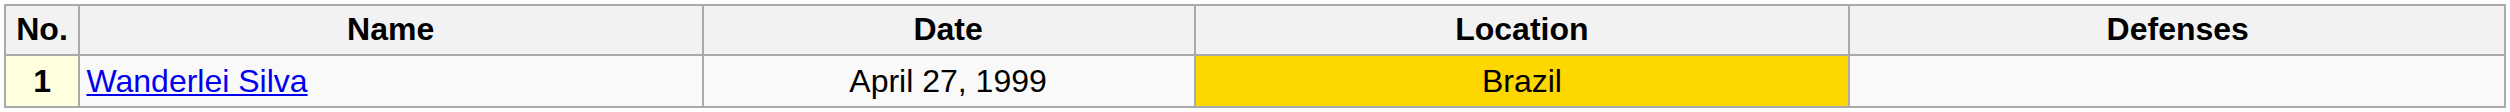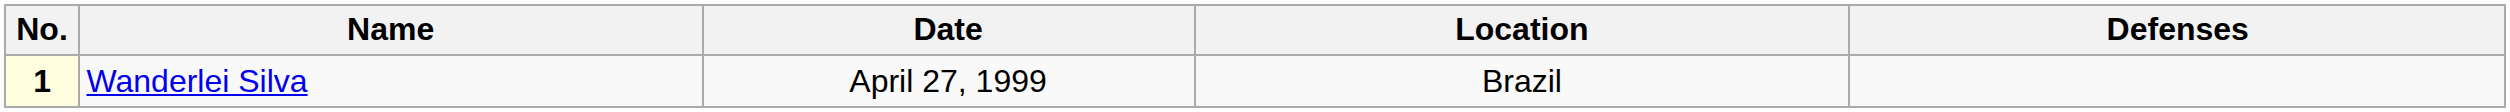 <table class="wikitable"  style="width:99%; text-align:center;">
 <tr>
 <th style="width:1%;">No.</th>
 <th style="width:19%;">Name</th>
 <th style="width:15%;">Date</th>
 <th style="width:20%;">Location</th>
 <th style="width:20%;">Defenses</th>
 </tr>
 <tr>
 <td align=center style="background: lightyellow;"><strong>1</strong></td>
 <td align="left"> <a href='#'>Wanderlei Silva</a><br></td>
 <td>April 27, 1999<br></td>
-<td style="background: gold;">Brazil</td>
+<td>Brazil</td>
 <td></td>
 </tr>
 <tr>
 </tr>
 </table>
